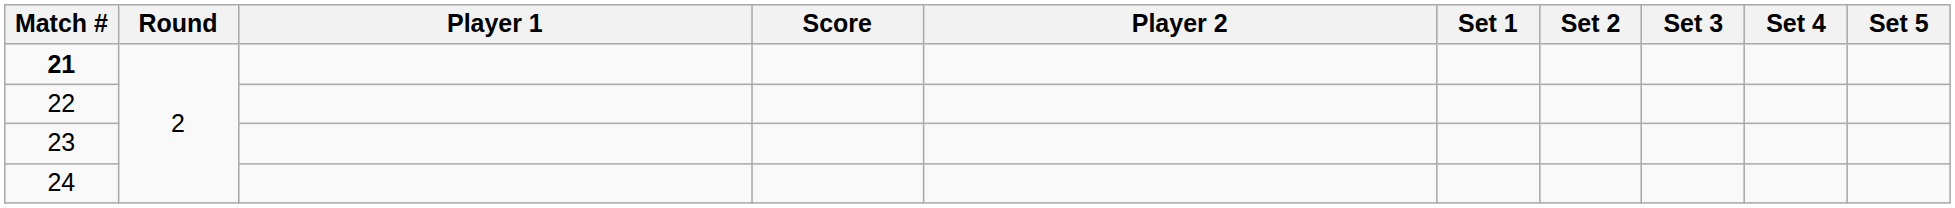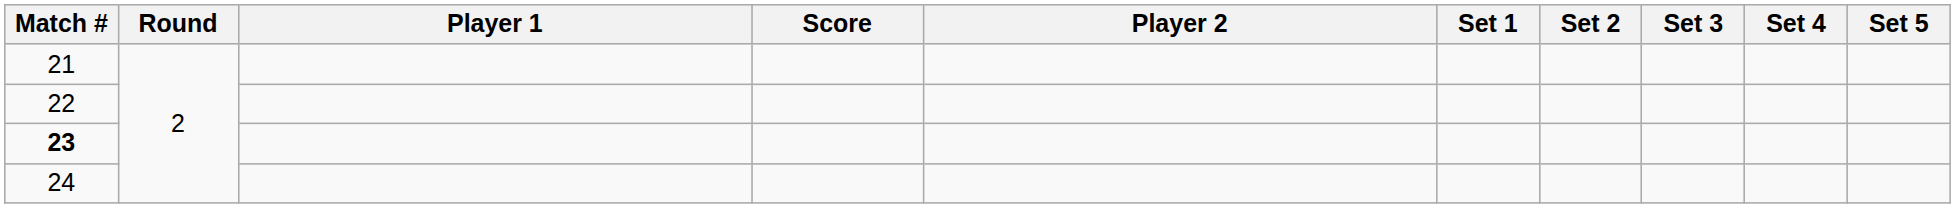 <table class="wikitable">
 <tr>
 <th width="2%">Match #</th>
 <th width="2%">Round</th>
 <th width="15%">Player 1</th>
 <th width="5%">Score</th>
 <th width="15%">Player 2</th>
 <th width="3%">Set 1</th>
 <th width="3%">Set 2</th>
 <th width="3%">Set 3</th>
 <th width="3%">Set 4</th>
 <th width="3%">Set 5</th>
 </tr>
 <tr style=text-align:center;>
-<td><strong>21</strong></td>
+<td>21</td>
 <td rowspan=4>2</td>
 <td></td>
 <td></td>
 <td></td>
 <td></td>
 <td></td>
 <td></td>
 <td></td>
 <td></td>
 </tr>
 <tr style=text-align:center;>
 <td>22</td>
 <td></td>
 <td></td>
 <td></td>
 <td></td>
 <td></td>
 <td></td>
 <td></td>
 <td></td>
 </tr>
 <tr style=text-align:center;>
-<td>23</td>
+<td><strong>23</strong></td>
 <td></td>
 <td></td>
 <td></td>
 <td></td>
 <td></td>
 <td></td>
 <td></td>
 <td></td>
 </tr>
 <tr style=text-align:center;>
 <td>24</td>
 <td></td>
 <td></td>
 <td></td>
 <td></td>
 <td></td>
 <td></td>
 <td></td>
 <td></td>
 </tr>
 </table>
